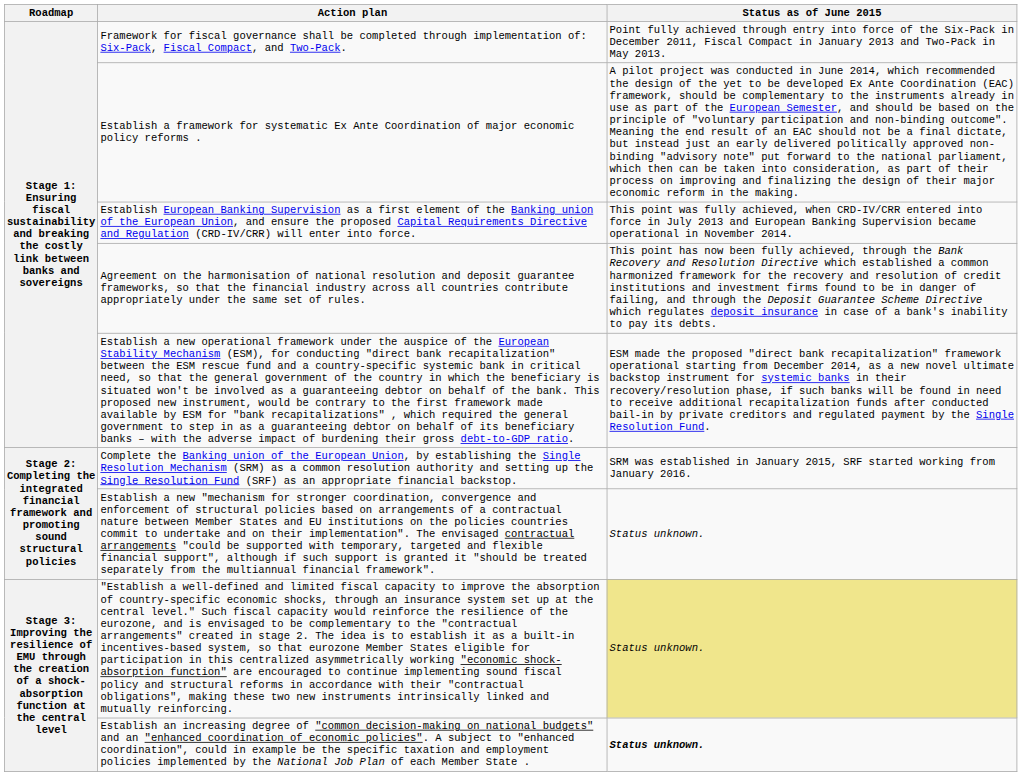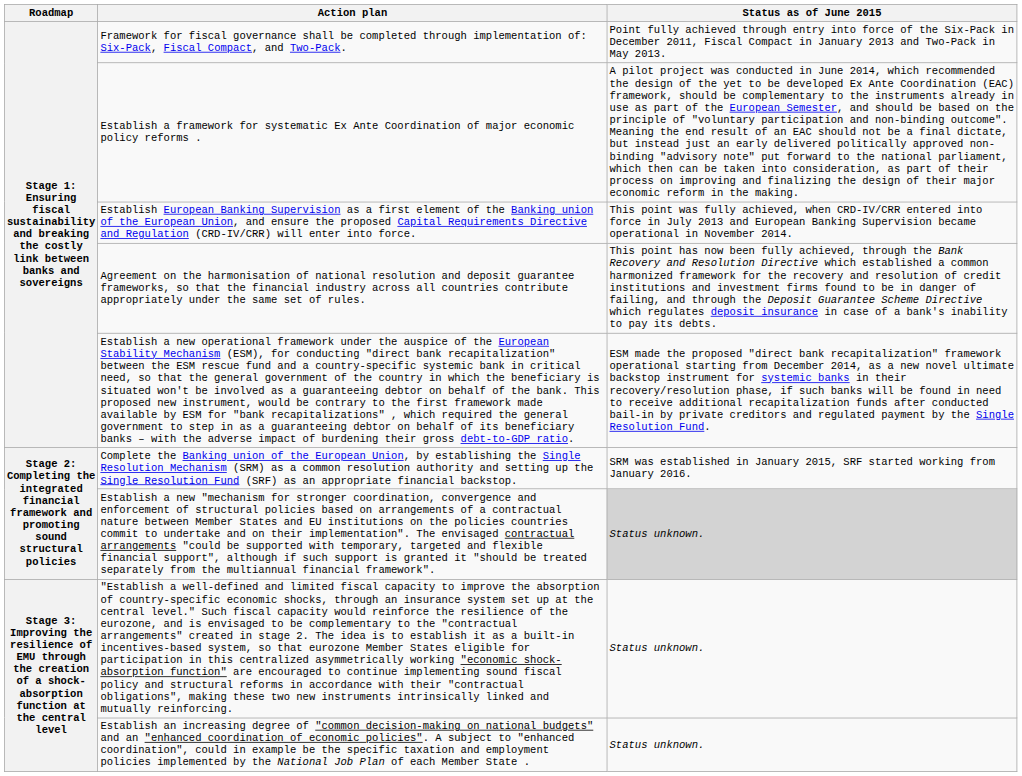 <table class="wikitable">
 <tr>
 <th width="8%">Roadmap</th>
 <th width="51%">Action plan</th>
 <th width="41%">Status as of June 2015</th>
 </tr>
 <tr>
 <th rowspan="5">Stage 1: Ensuring fiscal sustainability and breaking the costly link between banks and sovereigns<br></th>
 <td>Framework for fiscal governance shall be completed through implementation of: <a href='#'>Six-Pack</a>, <a href='#'>Fiscal Compact</a>, and <a href='#'>Two-Pack</a>.</td>
 <td>Point fully achieved through entry into force of the Six‑Pack in December 2011, Fiscal Compact in January 2013 and Two‑Pack in May 2013.</td>
 </tr>
 <tr>
 <td>Establish a framework for systematic Ex Ante Coordination of major economic policy reforms .</td>
 <td>A pilot project was conducted in June 2014, which recommended the design of the yet to be developed Ex Ante Coordination (EAC) framework, should be complementary to the instruments already in use as part of the <a href='#'>European Semester</a>, and should be based on the principle of "voluntary participation and non-binding outcome". Meaning the end result of an EAC should not be a final dictate, but instead just an early delivered politically approved non-binding "advisory note" put forward to the national parliament, which then can be taken into consideration, as part of their process on improving and finalizing the design of their major economic reform in the making.</td>
 </tr>
 <tr>
 <td>Establish <a href='#'>European Banking Supervision</a> as a first element of the <a href='#'>Banking union of the European Union</a>, and ensure the proposed <a href='#'>Capital Requirements Directive and Regulation</a> (CRD‑IV/CRR) will enter into force.</td>
 <td>This point was fully achieved, when CRD‑IV/CRR entered into force in July 2013 and European Banking Supervision became operational in November 2014.</td>
 </tr>
 <tr>
 <td>Agreement on the harmonisation of national resolution and deposit guarantee frameworks, so that the financial industry across all countries contribute appropriately under the same set of rules.</td>
 <td>This point has now been fully achieved, through the <em>Bank Recovery and Resolution Directive </em> which established a common harmonized framework for the recovery and resolution of credit institutions and investment firms found to be in danger of failing, and through the <em>Deposit Guarantee Scheme Directive </em> which regulates <a href='#'>deposit insurance</a> in case of a bank's inability to pay its debts.</td>
 </tr>
 <tr>
 <td>Establish a new operational framework under the auspice of the <a href='#'>European Stability Mechanism</a> (ESM), for conducting "direct bank recapitalization" between the ESM rescue fund and a country-specific systemic bank in critical need, so that the general government of the country in which the beneficiary is situated won't be involved as a guaranteeing debtor on behalf of the bank. This proposed new instrument, would be contrary to the first framework made available by ESM for "bank recapitalizations" , which required the general government to step in as a guaranteeing debtor on behalf of its beneficiary banks – with the adverse impact of burdening their gross <a href='#'>debt-to-GDP ratio</a>.</td>
 <td>ESM made the proposed "direct bank recapitalization" framework operational starting from December 2014, as a new novel ultimate backstop instrument for <a href='#'>systemic banks</a> in their recovery/resolution phase, if such banks will be found in need to receive additional recapitalization funds after conducted bail-in by private creditors and regulated payment by the <a href='#'>Single Resolution Fund</a>.</td>
 </tr>
 <tr>
 <th rowspan="2">Stage 2: Completing the integrated financial framework and promoting sound structural policies<br></th>
 <td>Complete the <a href='#'>Banking union of the European Union</a>, by establishing the <a href='#'>Single Resolution Mechanism</a> (SRM) as a common resolution authority and setting up the <a href='#'>Single Resolution Fund</a> (SRF) as an appropriate financial backstop.</td>
 <td>SRM was established in January 2015, SRF started working from January 2016.</td>
 </tr>
 <tr>
 <td>Establish a new "mechanism for stronger coordination, convergence and enforcement of structural policies based on arrangements of a contractual nature between Member States and EU institutions on the policies countries commit to undertake and on their implementation". The envisaged <u>contractual arrangements</u> "could be supported with temporary, targeted and flexible financial support", although if such support is granted it "should be treated separately from the multiannual financial framework".</td>
-<td><em>Status unknown.<br> </em></td>
+<td style="background: lightgrey;"><em>Status unknown.<br> </em></td>
 </tr>
 <tr>
 <th rowspan="2">Stage 3: Improving the resilience of EMU through the creation of a shock-absorption function at the central level<br></th>
 <td>"Establish a well-defined and limited fiscal capacity to improve the absorption of country-specific economic shocks, through an insurance system set up at the central level." Such fiscal capacity would reinforce the resilience of the eurozone, and is envisaged to be complementary to the "contractual arrangements" created in stage 2. The idea is to establish it as a built-in incentives-based system, so that eurozone Member States eligible for participation in this centralized asymmetrically working <u>"economic shock-absorption function"</u> are encouraged to continue implementing sound fiscal policy and structural reforms in accordance with their "contractual obligations", making these two new instruments intrinsically linked and mutually reinforcing.</td>
-<td style="background: khaki;"><em>Status unknown.<br> </em></td>
+<td><em>Status unknown.<br> </em></td>
 </tr>
 <tr>
 <td>Establish an increasing degree of <u>"common decision-making on national budgets"</u> and an <u>"enhanced coordination of economic policies"</u>. A subject to "enhanced coordination", could in example be the specific taxation and employment policies implemented by the <em>National Job Plan</em> of each Member State .</td>
-<td><strong><em>Status unknown.<br> </em></strong></td>
+<td><em>Status unknown.<br> </em></td>
 </tr>
 </table>
